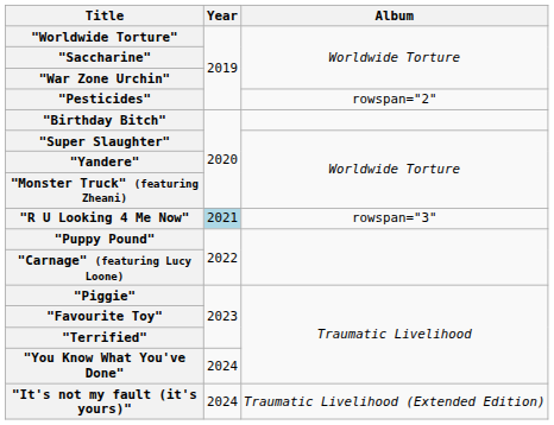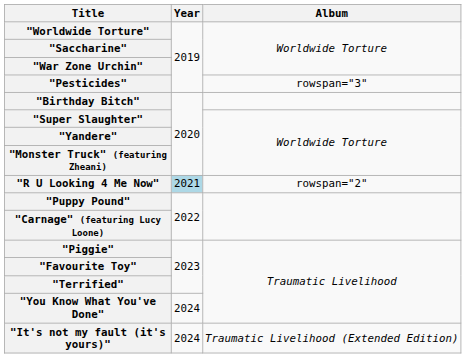 <table class="wikitable plainrowheaders" style="text-align:center;">
 <tr>
 <th scope="col" style="width:15em;">Title</th>
 <th scope="col">Year</th>
 <th scope="col">Album</th>
 </tr>
 <tr>
 <th scope="row">"Worldwide Torture"</th>
 <td rowspan="4">2019</td>
 <td rowspan="3"><em>Worldwide Torture</em></td>
 </tr>
 <tr>
 <th scope="row">"Saccharine"</th>
 </tr>
 <tr>
 <th scope="row">"War Zone Urchin"</th>
 </tr>
 <tr>
 <th scope="row">"Pesticides"</th>
-<td>rowspan="2" </td>
+<td>rowspan="3" </td>
 </tr>
 <tr>
 <th scope="row">"Birthday Bitch"</th>
 <td rowspan="4">2020</td>
 </tr>
 <tr>
 <th scope="row">"Super Slaughter"</th>
 <td rowspan="3"><em>Worldwide Torture</em></td>
 </tr>
 <tr>
 <th scope="row">"Yandere"</th>
 </tr>
 <tr>
 <th scope="row">"Monster Truck" <small>(featuring Zheani)</small></th>
 </tr>
 <tr>
 <th scope="row">"R U Looking 4 Me Now"</th>
 <td style="background: lightblue;">2021</td>
-<td>rowspan="3" </td>
+<td>rowspan="2" </td>
 </tr>
 <tr>
 <th scope="row">"Puppy Pound"</th>
 <td rowspan="2">2022</td>
 </tr>
 <tr>
 <th scope="row">"Carnage" <small>(featuring Lucy Loone)</small></th>
 </tr>
 <tr>
 <th scope="row">"Piggie"</th>
 <td rowspan="3">2023</td>
 <td rowspan="4"><em>Traumatic Livelihood</em></td>
 </tr>
 <tr>
 <th scope="row">"Favourite Toy"</th>
 </tr>
 <tr>
 <th scope="row">"Terrified"</th>
 </tr>
 <tr>
 <th scope="row">"You Know What You've Done"</th>
 <td>2024</td>
 </tr>
 <tr>
 <th scope="row">"It's not my fault (it's yours)"</th>
 <td>2024</td>
 <td><em>Traumatic Livelihood (Extended Edition)</em></td>
 </tr>
 </table>
